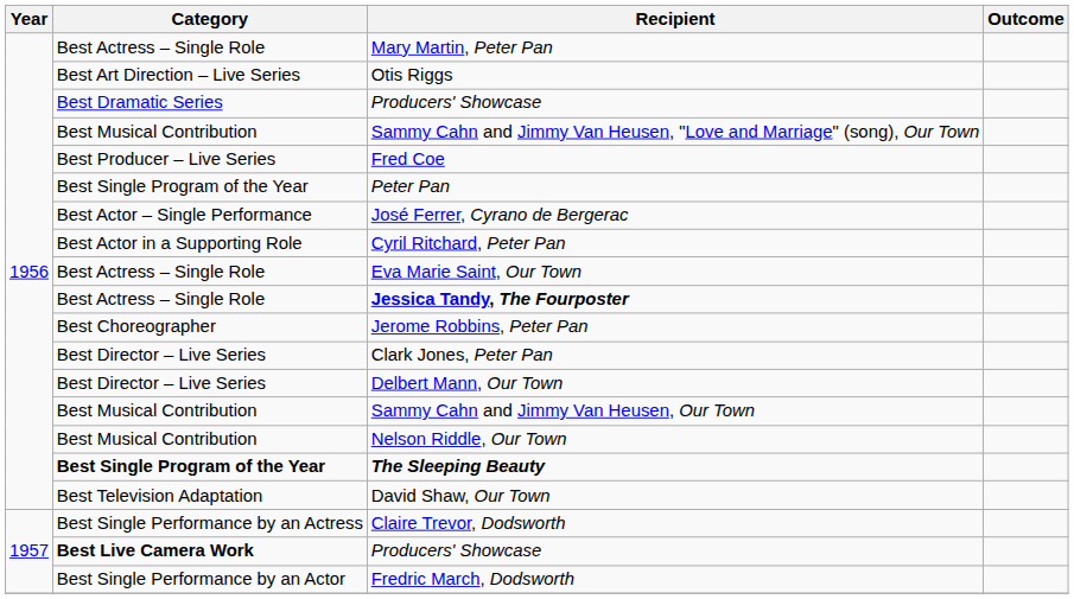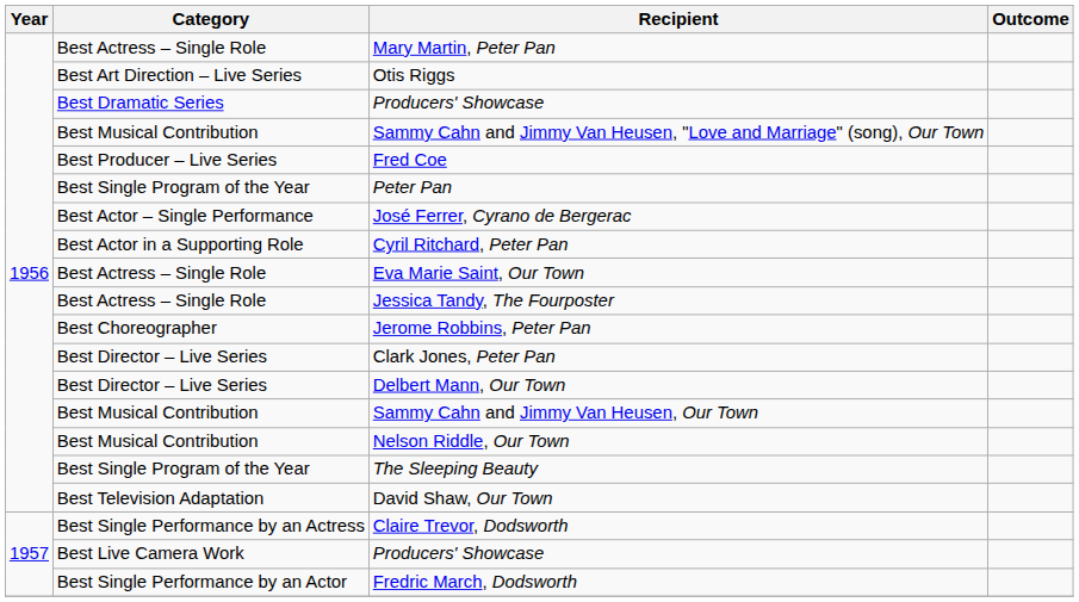 <table class="wikitable">
 <tr>
 <th align="center">Year</th>
 <th align="center">Category</th>
 <th align="center">Recipient</th>
 <th align="center">Outcome</th>
 </tr>
 <tr>
 <td rowspan="17"><a href='#'>1956</a></td>
 <td>Best Actress – Single Role</td>
 <td><a href='#'>Mary Martin</a>, <em>Peter Pan</em></td>
 <td></td>
 </tr>
 <tr>
 <td>Best Art Direction – Live Series</td>
 <td>Otis Riggs</td>
 <td></td>
 </tr>
 <tr>
 <td><a href='#'>Best Dramatic Series</a></td>
 <td><em>Producers' Showcase</em></td>
 <td></td>
 </tr>
 <tr>
 <td>Best Musical Contribution</td>
 <td><a href='#'>Sammy Cahn</a> and <a href='#'>Jimmy Van Heusen</a>, "<a href='#'>Love and Marriage</a>" (song), <em>Our Town</em></td>
 <td></td>
 </tr>
 <tr>
 <td>Best Producer – Live Series</td>
 <td><a href='#'>Fred Coe</a></td>
 <td></td>
 </tr>
 <tr>
 <td>Best Single Program of the Year</td>
 <td><em>Peter Pan</em></td>
 <td></td>
 </tr>
 <tr>
 <td>Best Actor – Single Performance</td>
 <td><a href='#'>José Ferrer</a>, <em>Cyrano de Bergerac</em></td>
 <td></td>
 </tr>
 <tr>
 <td>Best Actor in a Supporting Role</td>
 <td><a href='#'>Cyril Ritchard</a>, <em>Peter Pan</em></td>
 <td></td>
 </tr>
 <tr>
 <td>Best Actress – Single Role</td>
 <td><a href='#'>Eva Marie Saint</a>, <em>Our Town</em></td>
 <td></td>
 </tr>
 <tr>
 <td>Best Actress – Single Role</td>
-<td><strong><a href='#'>Jessica Tandy</a>, <em>The Fourposter</em></strong></td>
+<td><a href='#'>Jessica Tandy</a>, <em>The Fourposter</em></td>
 <td></td>
 </tr>
 <tr>
 <td>Best Choreographer</td>
 <td><a href='#'>Jerome Robbins</a>, <em>Peter Pan</em></td>
 <td></td>
 </tr>
 <tr>
 <td>Best Director – Live Series</td>
 <td>Clark Jones, <em>Peter Pan</em></td>
 <td></td>
 </tr>
 <tr>
 <td>Best Director – Live Series</td>
 <td><a href='#'>Delbert Mann</a>, <em>Our Town</em></td>
 <td></td>
 </tr>
 <tr>
 <td>Best Musical Contribution</td>
 <td><a href='#'>Sammy Cahn</a> and <a href='#'>Jimmy Van Heusen</a>, <em>Our Town</em></td>
 <td></td>
 </tr>
 <tr>
 <td>Best Musical Contribution</td>
 <td><a href='#'>Nelson Riddle</a>, <em>Our Town</em></td>
 <td></td>
 </tr>
 <tr>
-<td><strong>Best Single Program of the Year</strong></td>
-<td><strong><em>The Sleeping Beauty</em></strong></td>
+<td>Best Single Program of the Year</td>
+<td><em>The Sleeping Beauty</em></td>
 <td></td>
 </tr>
 <tr>
 <td>Best Television Adaptation</td>
 <td>David Shaw, <em>Our Town</em></td>
 <td></td>
 </tr>
 <tr>
 <td rowspan="3"><a href='#'>1957</a></td>
 <td>Best Single Performance by an Actress</td>
 <td><a href='#'>Claire Trevor</a>, <em>Dodsworth</em></td>
 <td></td>
 </tr>
 <tr>
-<td><strong>Best Live Camera Work</strong></td>
+<td>Best Live Camera Work</td>
 <td><em>Producers' Showcase</em></td>
 <td></td>
 </tr>
 <tr>
 <td>Best Single Performance by an Actor</td>
 <td><a href='#'>Fredric March</a>, <em>Dodsworth</em></td>
 <td></td>
 </tr>
 <tr>
 </tr>
 </table>
